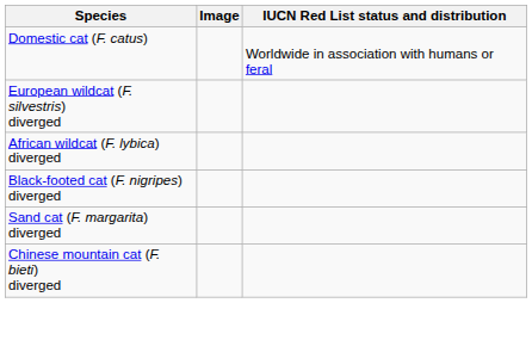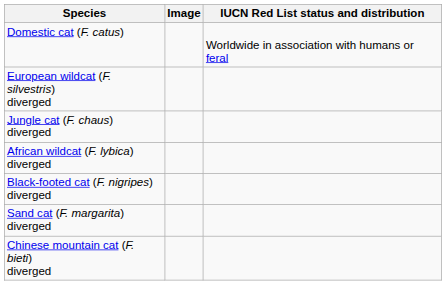 <table class="wikitable">
 <tr>
 <th>Species</th>
 <th>Image</th>
 <th>IUCN Red List status and distribution</th>
 </tr>
 <tr style="vertical-align: top;">
 <td><a href='#'>Domestic cat</a> (<em>F. catus</em>) </td>
 <td></td>
 <td><br> Worldwide in association with humans or <a href='#'>feral</a></td>
 </tr>
 <tr style="vertical-align: top;">
 <td><a href='#'>European wildcat</a> (<em>F. silvestris</em>) <br>diverged <br></td>
+<td></td>
+<td><br></td>
+</tr>
+<tr style="vertical-align: top;">
+<td><a href='#'>Jungle cat</a> (<em>F. chaus</em>) <br>diverged <br></td>
 <td></td>
 <td><br></td>
 </tr>
 <tr style="vertical-align: top;">
 <td><a href='#'>African wildcat</a> (<em>F. lybica</em>) <br>diverged <br></td>
 <td></td>
 <td><br></td>
 </tr>
 <tr style="vertical-align: top;">
 <td><a href='#'>Black-footed cat</a> (<em>F. nigripes</em>) <br>diverged <br></td>
 <td></td>
 <td><br></td>
 </tr>
 <tr style="vertical-align: top;">
 <td><a href='#'>Sand cat</a> (<em>F. margarita</em>) <br>diverged <br></td>
 <td></td>
 <td><br></td>
 </tr>
 <tr style="vertical-align: top;">
 <td><a href='#'>Chinese mountain cat</a> (<em>F. bieti</em>) <br>diverged <br></td>
 <td></td>
 <td><br></td>
 </tr>
 </table>
